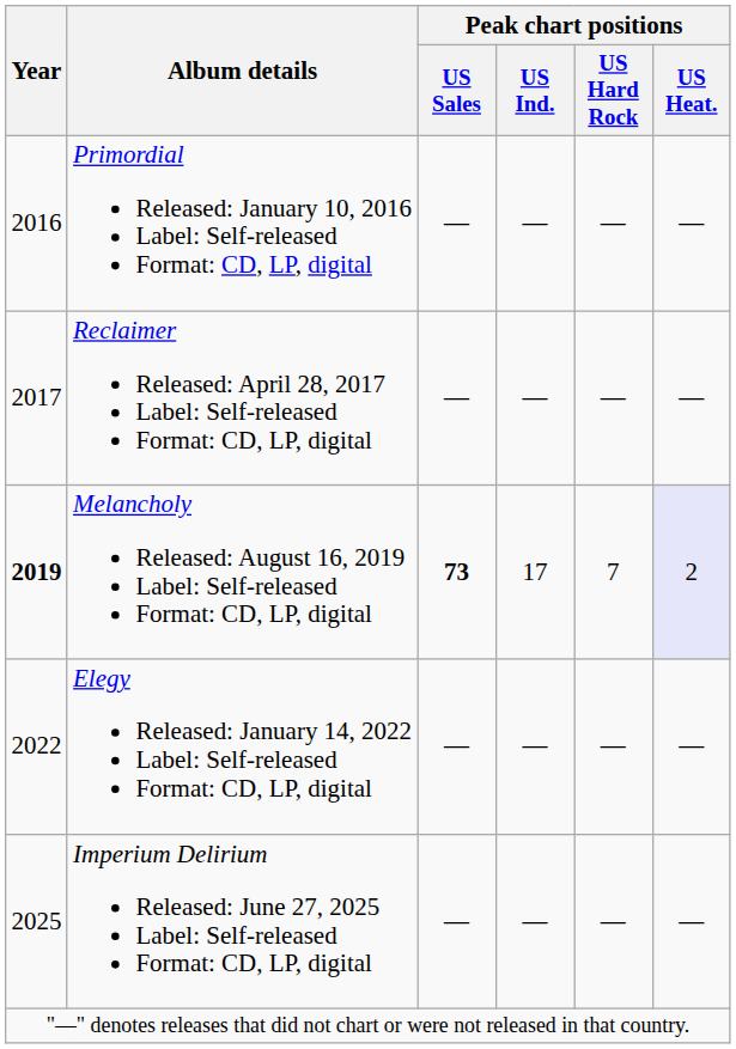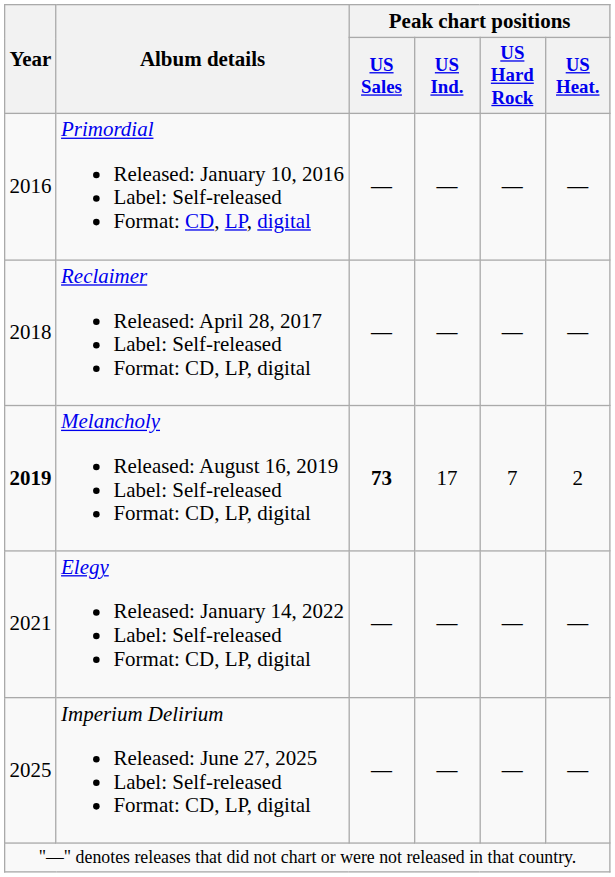 <table class="wikitable plainrowheaders" style="text-align:center;">
 <tr>
 <th rowspan="2">Year</th>
 <th rowspan="2">Album details</th>
 <th colspan="5">Peak chart positions</th>
 </tr>
 <tr>
 <th scope="col" style="width:3em;font-size:90%;"><a href='#'>US<br>Sales</a><br></th>
 <th scope="col" style="width:3em;font-size:90%;"><a href='#'>US<br>Ind.</a><br></th>
 <th scope="col" style="width:3em;font-size:90%;"><a href='#'>US<br>Hard<br>Rock</a></th>
 <th scope="col" style="width:3em;font-size:90%;"><a href='#'>US<br>Heat.</a><br></th>
 </tr>
 <tr>
 <td>2016</td>
 <td align="left"><em><a href='#'>Primordial</a></em><br><ul><li>Released: January 10, 2016</li><li>Label: Self-released</li><li>Format: <a href='#'>CD</a>, <a href='#'>LP</a>, <a href='#'>digital</a></li></ul></td>
 <td style="text-align:center;">—</td>
 <td style="text-align:center;">—</td>
 <td style="text-align:center;">—</td>
 <td style="text-align:center;">—</td>
 </tr>
 <tr>
-<td>2017</td>
+<td>2018</td>
 <td align="left"><em><a href='#'>Reclaimer</a></em><br><ul><li>Released: April 28, 2017</li><li>Label: Self-released</li><li>Format: CD, LP, digital</li></ul></td>
 <td style="text-align:center;">—</td>
 <td style="text-align:center;">—</td>
 <td style="text-align:center;">—</td>
 <td style="text-align:center;">—</td>
 </tr>
 <tr>
 <td><strong>2019</strong></td>
 <td align="left"><em><a href='#'>Melancholy</a></em><br><ul><li>Released: August 16, 2019</li><li>Label: Self-released</li><li>Format: CD, LP, digital</li></ul></td>
 <td style="text-align:center;"><strong>73</strong></td>
 <td style="text-align:center;">17</td>
 <td style="text-align:center;">7</td>
-<td style="background: lavender; text-align:center;">2</td>
+<td style="text-align:center;">2</td>
 </tr>
 <tr>
-<td>2022</td>
+<td>2021</td>
 <td align="left"><em><a href='#'>Elegy</a></em><br><ul><li>Released: January 14, 2022</li><li>Label: Self-released</li><li>Format: CD, LP, digital</li></ul></td>
 <td style="text-align:center;">—</td>
 <td style="text-align:center;">—</td>
 <td style="text-align:center;">—</td>
 <td style="text-align:center;">—</td>
 </tr>
 <tr>
 <td>2025</td>
 <td align="left"><em>Imperium Delirium</em><br><ul><li>Released: June 27, 2025</li><li>Label: Self-released</li><li>Format: CD, LP, digital</li></ul></td>
 <td style="text-align:center;">—</td>
 <td style="text-align:center;">—</td>
 <td style="text-align:center;">—</td>
 <td style="text-align:center;">—</td>
 </tr>
 <tr>
 <td colspan="7" style="text-align:center; font-size:85%">"—" denotes releases that did not chart or were not released in that country.</td>
 </tr>
 </table>
